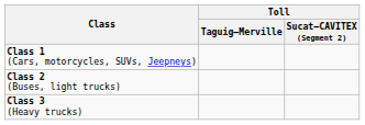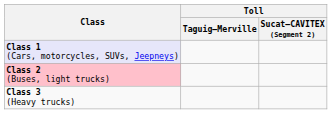 <table class="wikitable">
 <tr>
 <th rowspan="2">Class</th>
 <th colspan="2">Toll</th>
 </tr>
 <tr>
 <th>Taguig–Merville</th>
 <th>Sucat–CAVITEX<br><small>(Segment 2)</small></th>
 </tr>
 <tr>
-<td><strong>Class 1</strong><br>(Cars, motorcycles, SUVs, <a href='#'>Jeepneys</a>)</td>
+<td style="background: lavender;"><strong>Class 1</strong><br>(Cars, motorcycles, SUVs, <a href='#'>Jeepneys</a>)</td>
 <td></td>
 <td></td>
 </tr>
 <tr>
-<td><strong>Class 2</strong><br>(Buses, light trucks)</td>
+<td style="background: pink;"><strong>Class 2</strong><br>(Buses, light trucks)</td>
 <td></td>
 <td></td>
 </tr>
 <tr>
 <td><strong>Class 3</strong><br>(Heavy trucks)</td>
 <td></td>
 <td></td>
 </tr>
 </table>
